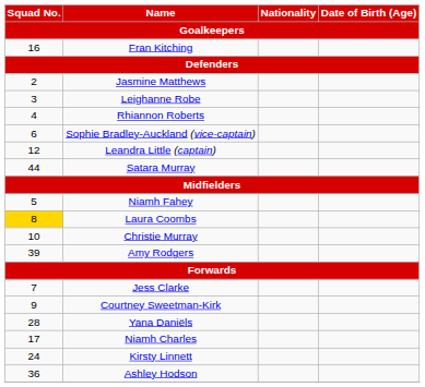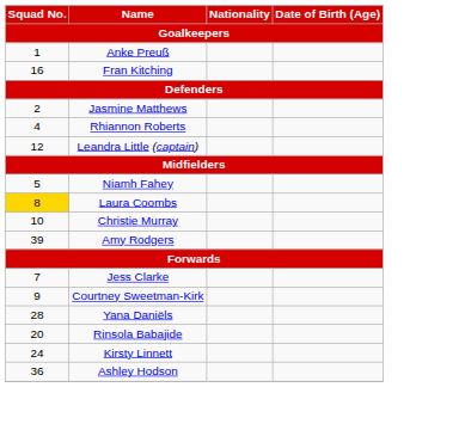 <table class="wikitable" style="text-align:center; font-size:100%; ">
 <tr>
 <th style="background:#d50000; color:white; text-align:center;">Squad No.</th>
 <th style="background:#d50000; color:white; text-align:center;">Name</th>
 <th style="background:#d50000; color:white; text-align:center;">Nationality</th>
 <th style="background:#d50000; color:white; text-align:center;">Date of Birth (Age)</th>
 </tr>
 <tr>
 <th colspan="4" style="background:#d50000; color:white; text-align:center">Goalkeepers</th>
+</tr>
+<tr>
+<td>1</td>
+<td><a href='#'>Anke Preuß</a></td>
+<td></td>
+<td></td>
 </tr>
 <tr>
 <td>16</td>
 <td><a href='#'>Fran Kitching</a></td>
 <td></td>
 <td></td>
 </tr>
 <tr>
 <th colspan="4" style="background:#d50000; color:white; text-align:center">Defenders</th>
 </tr>
 <tr>
 <td>2</td>
 <td><a href='#'>Jasmine Matthews</a></td>
 <td></td>
 <td></td>
 </tr>
 <tr>
-<td>3</td>
-<td><a href='#'>Leighanne Robe</a></td>
-<td></td>
-<td></td>
-</tr>
-<tr>
 <td>4</td>
 <td><a href='#'>Rhiannon Roberts</a></td>
 <td></td>
 <td></td>
 </tr>
 <tr>
-<td>6</td>
-<td><a href='#'>Sophie Bradley-Auckland</a> <em>(<a href='#'>vice-captain</a>)</em></td>
-<td></td>
-<td></td>
-</tr>
-<tr>
 <td>12</td>
 <td><a href='#'>Leandra Little</a> <em>(<a href='#'>captain</a>)</em></td>
-<td></td>
-<td></td>
-</tr>
-<tr>
-<td>44</td>
-<td><a href='#'>Satara Murray</a></td>
 <td></td>
 <td></td>
 </tr>
 <tr>
 <th style="background:#d50000; color:white; text-align:center" colspan="4">Midfielders</th>
 </tr>
 <tr>
 <td>5</td>
 <td><a href='#'>Niamh Fahey</a></td>
 <td></td>
 <td></td>
 </tr>
 <tr>
 <td style="background: gold;">8</td>
 <td><a href='#'>Laura Coombs</a></td>
 <td></td>
 <td></td>
 </tr>
 <tr>
 <td>10</td>
 <td><a href='#'>Christie Murray</a></td>
 <td></td>
 <td></td>
 </tr>
 <tr>
 <td>39</td>
 <td><a href='#'>Amy Rodgers</a></td>
 <td></td>
 <td></td>
 </tr>
 <tr>
 <th style="background:#d50000; color:white; text-align:center" colspan="4">Forwards</th>
 </tr>
 <tr>
 <td>7</td>
 <td><a href='#'>Jess Clarke</a></td>
 <td></td>
 <td></td>
 </tr>
 <tr>
 <td>9</td>
 <td><a href='#'>Courtney Sweetman-Kirk</a></td>
 <td></td>
 <td></td>
 </tr>
 <tr>
 <td>28</td>
 <td><a href='#'>Yana Daniëls</a></td>
 <td></td>
 <td><br></td>
 </tr>
 <tr>
-<td>17</td>
-<td><a href='#'>Niamh Charles</a></td>
+<td>20</td>
+<td><a href='#'>Rinsola Babajide</a></td>
 <td></td>
 <td></td>
 </tr>
 <tr>
 <td>24</td>
 <td><a href='#'>Kirsty Linnett</a></td>
 <td></td>
 <td><br></td>
 </tr>
 <tr>
 <td>36</td>
 <td><a href='#'>Ashley Hodson</a></td>
 <td></td>
 <td></td>
 </tr>
 <tr>
 </tr>
 </table>
